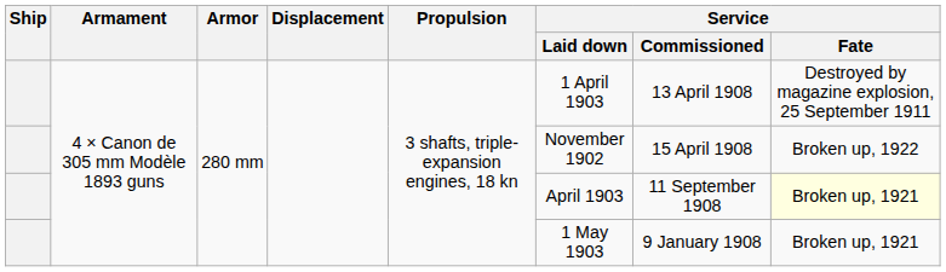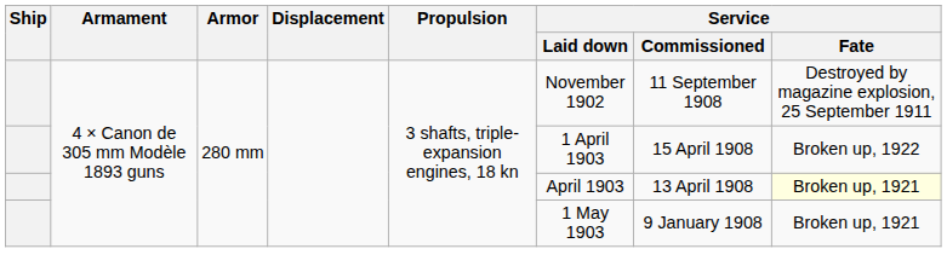 <table class="wikitable plainrowheaders" style="text-align: center;">
 <tr valign="top">
 <th scope="col" rowspan="2">Ship</th>
 <th scope="col" rowspan="2">Armament</th>
 <th scope="col" rowspan="2">Armor</th>
 <th scope="col" rowspan="2">Displacement</th>
 <th scope="col" rowspan="2">Propulsion</th>
 <th scope="col" colspan="3">Service</th>
 </tr>
 <tr valign="top">
 <th scope="col">Laid down</th>
 <th scope="col">Commissioned</th>
 <th scope="col">Fate</th>
 </tr>
 <tr valign="center">
 <th scope="row"></th>
 <td rowspan="4">4 × Canon de 305 mm Modèle 1893 guns</td>
 <td rowspan="4">280 mm</td>
 <td rowspan="4"></td>
 <td rowspan="4">3 shafts, triple-expansion engines, 18 kn</td>
-<td>1 April 1903</td>
-<td>13 April 1908</td>
+<td>November 1902</td>
+<td>11 September 1908</td>
 <td>Destroyed by magazine explosion, 25 September 1911</td>
 </tr>
 <tr valign="center">
 <th scope="row"></th>
-<td>November 1902</td>
+<td>1 April 1903</td>
 <td>15 April 1908</td>
 <td>Broken up, 1922</td>
 </tr>
 <tr valign="center">
 <th scope="row"></th>
 <td>April 1903</td>
-<td>11 September 1908</td>
+<td>13 April 1908</td>
 <td style="background: lightyellow;">Broken up, 1921</td>
 </tr>
 <tr valign="center">
 <th scope="row"></th>
 <td>1 May 1903</td>
 <td>9 January 1908</td>
 <td>Broken up, 1921</td>
 </tr>
 </table>
